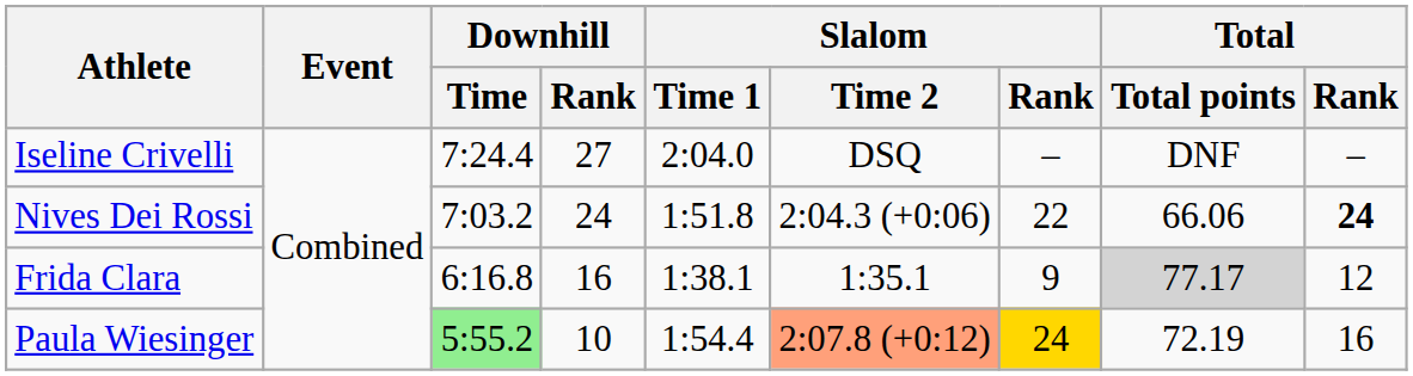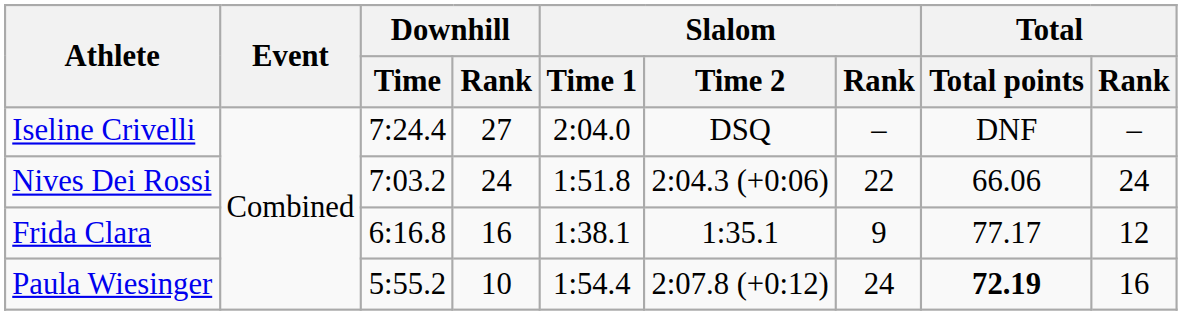 <table class="wikitable" style="font-size:90%">
 <tr>
 <th rowspan="2">Athlete</th>
 <th rowspan="2">Event</th>
 <th colspan="2">Downhill</th>
 <th colspan="3">Slalom</th>
 <th colspan="2">Total</th>
 </tr>
 <tr>
 <th>Time</th>
 <th>Rank</th>
 <th>Time 1</th>
 <th>Time 2</th>
 <th>Rank</th>
 <th>Total points</th>
 <th>Rank</th>
 </tr>
 <tr>
 <td><a href='#'>Iseline Crivelli</a></td>
 <td rowspan="4">Combined</td>
 <td align="center">7:24.4</td>
 <td align="center">27</td>
 <td align="center">2:04.0</td>
 <td align="center">DSQ</td>
 <td align="center">–</td>
 <td align="center">DNF</td>
 <td align="center">–</td>
 </tr>
 <tr>
 <td><a href='#'>Nives Dei Rossi</a></td>
 <td align="center">7:03.2</td>
 <td align="center">24</td>
 <td align="center">1:51.8</td>
 <td align="center">2:04.3 (+0:06)</td>
 <td align="center">22</td>
 <td align="center">66.06</td>
-<td align="center"><strong>24</strong></td>
+<td align="center">24</td>
 </tr>
 <tr>
 <td><a href='#'>Frida Clara</a></td>
 <td align="center">6:16.8</td>
 <td align="center">16</td>
 <td align="center">1:38.1</td>
 <td align="center">1:35.1</td>
 <td align="center">9</td>
-<td align="center" style="background: lightgrey;">77.17</td>
+<td align="center">77.17</td>
 <td align="center">12</td>
 </tr>
 <tr>
 <td><a href='#'>Paula Wiesinger</a></td>
-<td align="center" style="background: lightgreen;">5:55.2</td>
+<td align="center">5:55.2</td>
 <td align="center">10</td>
 <td align="center">1:54.4</td>
-<td align="center" style="background: lightsalmon;">2:07.8 (+0:12)</td>
-<td align="center" style="background: gold;">24</td>
-<td align="center">72.19</td>
+<td align="center">2:07.8 (+0:12)</td>
+<td align="center">24</td>
+<td align="center"><strong>72.19</strong></td>
 <td align="center">16</td>
 </tr>
 </table>
